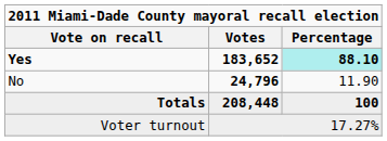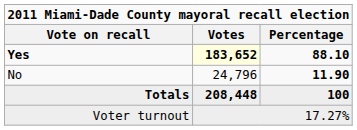 <table class="wikitable">
 <tr>
 <td colspan="6" style="text-align:center;"><strong>2011 Miami-Dade County mayoral recall election</strong></td>
 </tr>
 <tr style="background:#eee; text-align:center;">
 <th colspan="4">Vote on recall</th>
 <th style="width: 5em">Votes</th>
 <th style="width: 7em">Percentage</th>
 </tr>
 <tr style="text-align:left;">
 <td colspan=4> <strong>Yes</strong></td>
-<td style="text-align:right;"><strong>183,652</strong></td>
-<td style="background: paleturquoise; text-align:right;"><strong>88.10</strong></td>
+<td style="background: lightyellow; text-align:right;"><strong>183,652</strong></td>
+<td style="text-align:right;"><strong>88.10</strong></td>
 </tr>
 <tr style="text-align:left;">
 <td colspan=4>No</td>
-<td style="text-align:right;"><strong>24,796</strong></td>
-<td style="text-align:right;">11.90</td>
+<td style="text-align:right;">24,796</td>
+<td style="text-align:right;"><strong>11.90</strong></td>
 </tr>
 <tr style="background:#eee; text-align:right;">
 <td colspan="4"><strong>Totals</strong></td>
 <td><strong>208,448</strong></td>
 <td><strong>100</strong></td>
 </tr>
 <tr style="background:#eee; text-align:right;">
 <td colspan="4">Voter turnout</td>
 <td colspan="2">17.27%</td>
 </tr>
 </table>
